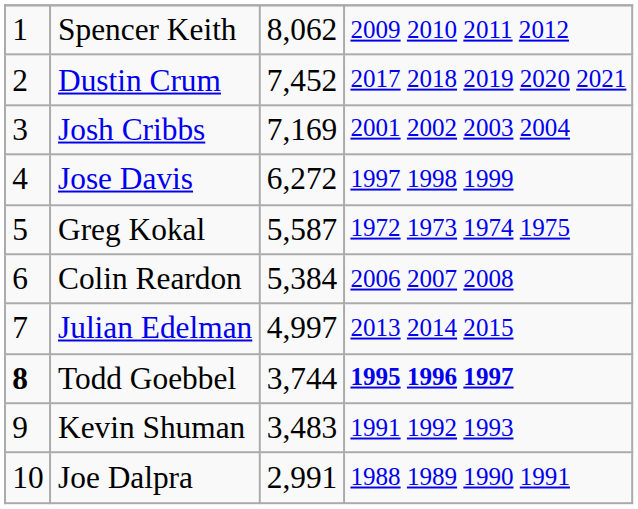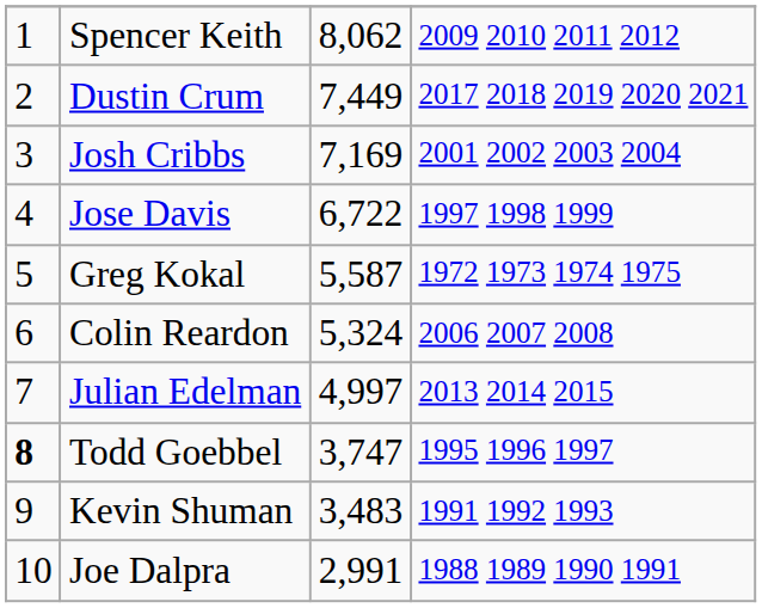 <table class="wikitable" style="display:inline-table;">
 <tr>
 </tr>
 <tr>
 <td>1</td>
 <td>Spencer Keith</td>
 <td>8,062</td>
 <td style="font-size:80%;"><a href='#'>2009</a> <a href='#'>2010</a> <a href='#'>2011</a> <a href='#'>2012</a></td>
 </tr>
 <tr>
 <td>2</td>
 <td><a href='#'>Dustin Crum</a></td>
-<td>7,452</td>
+<td>7,449</td>
 <td style="font-size:80%;"><a href='#'>2017</a> <a href='#'>2018</a> <a href='#'>2019</a> <a href='#'>2020</a> <a href='#'>2021</a></td>
 </tr>
 <tr>
 <td>3</td>
 <td><a href='#'>Josh Cribbs</a></td>
 <td>7,169</td>
 <td style="font-size:80%;"><a href='#'>2001</a> <a href='#'>2002</a> <a href='#'>2003</a> <a href='#'>2004</a></td>
 </tr>
 <tr>
 <td>4</td>
 <td><a href='#'>Jose Davis</a></td>
-<td>6,272</td>
+<td>6,722</td>
 <td style="font-size:80%;"><a href='#'>1997</a> <a href='#'>1998</a> <a href='#'>1999</a></td>
 </tr>
 <tr>
 <td>5</td>
 <td>Greg Kokal</td>
 <td>5,587</td>
 <td style="font-size:80%;"><a href='#'>1972</a> <a href='#'>1973</a> <a href='#'>1974</a> <a href='#'>1975</a></td>
 </tr>
 <tr>
 <td>6</td>
 <td>Colin Reardon</td>
-<td>5,384</td>
+<td>5,324</td>
 <td style="font-size:80%;"><a href='#'>2006</a> <a href='#'>2007</a> <a href='#'>2008</a></td>
 </tr>
 <tr>
 <td>7</td>
 <td><a href='#'>Julian Edelman</a></td>
 <td>4,997</td>
 <td style="font-size:80%;"><a href='#'>2013</a> <a href='#'>2014</a> <a href='#'>2015</a></td>
 </tr>
 <tr>
 <td><strong>8</strong></td>
 <td>Todd Goebbel</td>
-<td>3,744</td>
-<td style="font-size:80%;"><strong><a href='#'>1995</a> <a href='#'>1996</a> <a href='#'>1997</a></strong></td>
+<td>3,747</td>
+<td style="font-size:80%;"><a href='#'>1995</a> <a href='#'>1996</a> <a href='#'>1997</a></td>
 </tr>
 <tr>
 <td>9</td>
 <td>Kevin Shuman</td>
 <td>3,483</td>
 <td style="font-size:80%;"><a href='#'>1991</a> <a href='#'>1992</a> <a href='#'>1993</a></td>
 </tr>
 <tr>
 <td>10</td>
 <td>Joe Dalpra</td>
 <td>2,991</td>
 <td style="font-size:80%;"><a href='#'>1988</a> <a href='#'>1989</a> <a href='#'>1990</a> <a href='#'>1991</a></td>
 </tr>
 </table>
